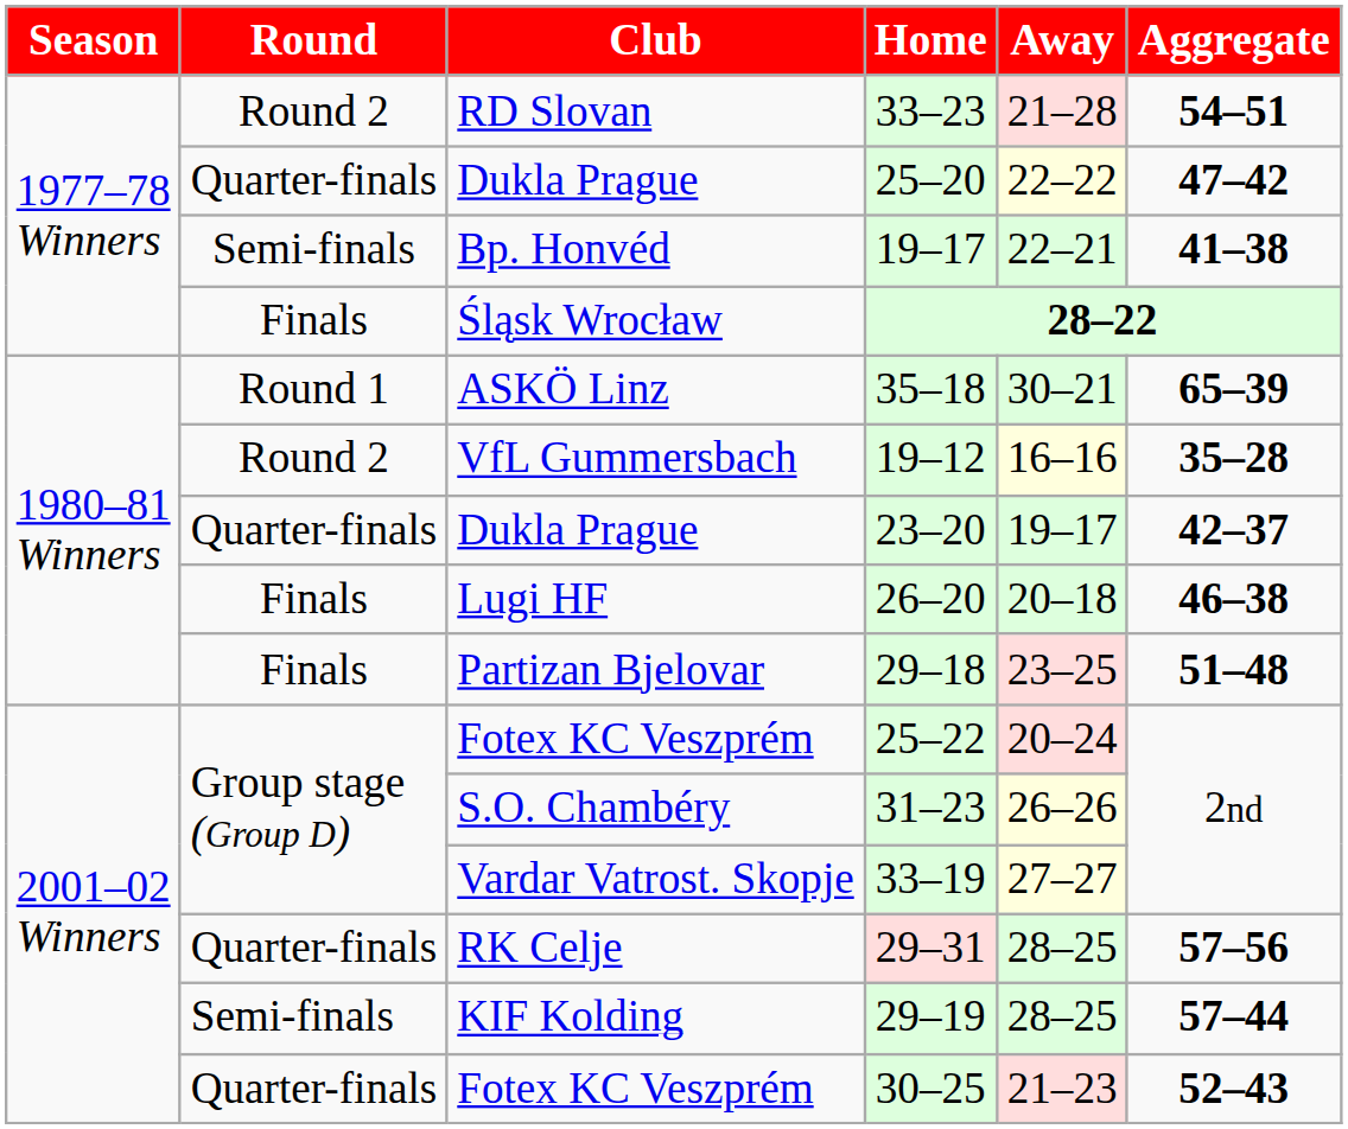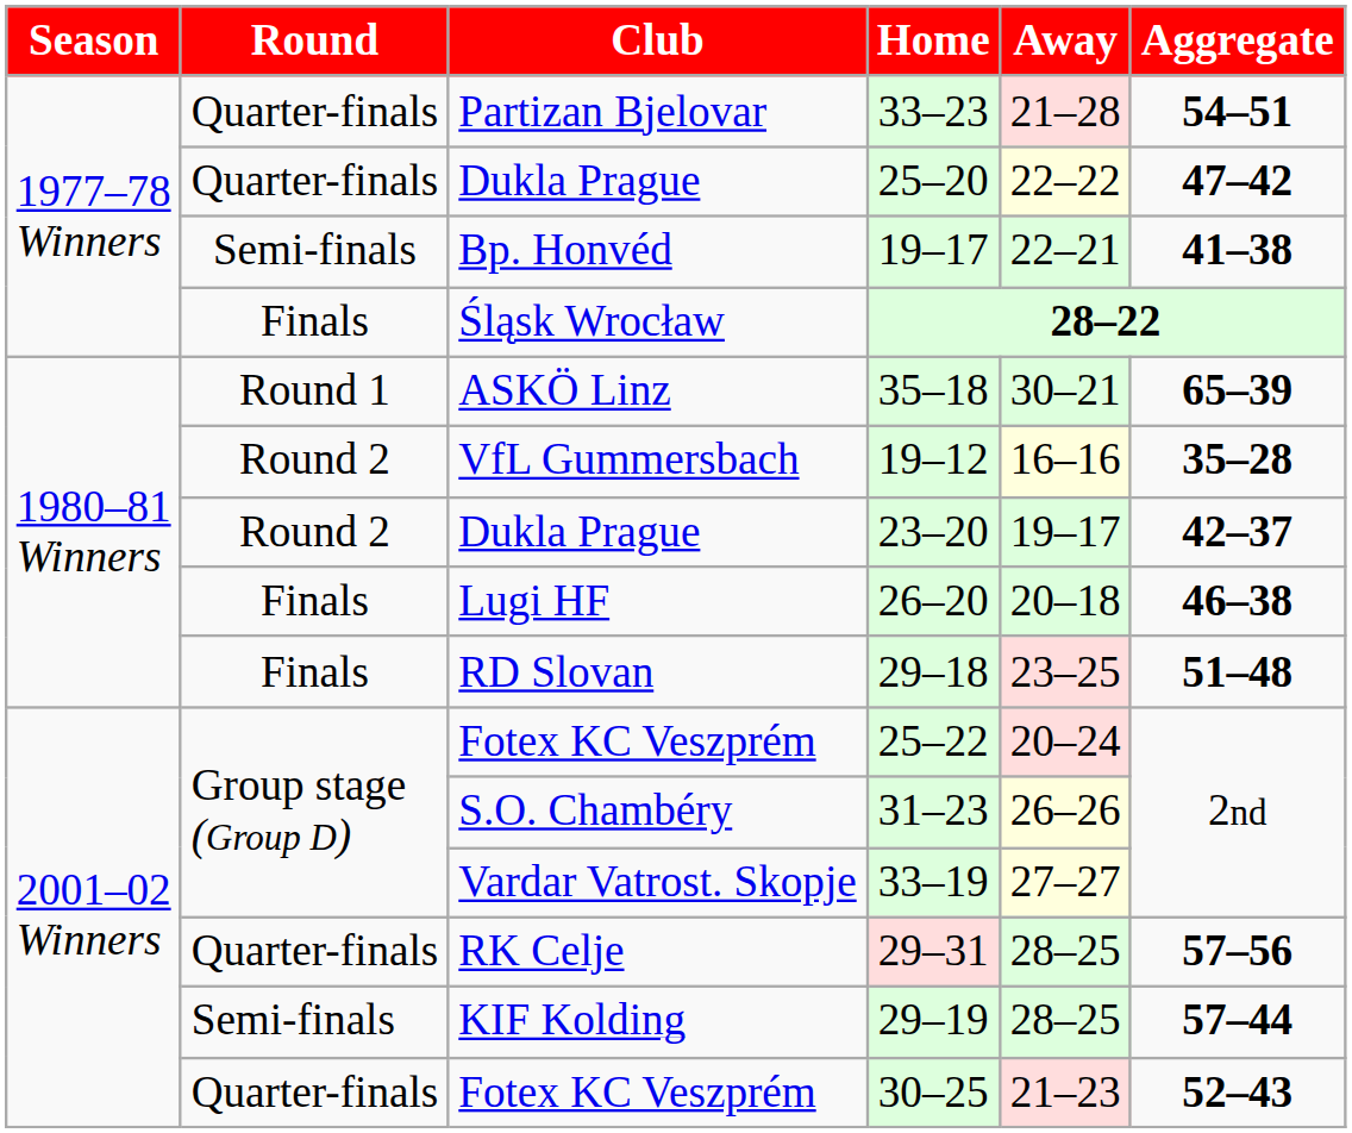 <table class="wikitable">
 <tr>
 <th style="color:#FFFFFF; background:#FF0000">Season</th>
 <th style="color:#FFFFFF; background:#FF0000">Round</th>
 <th style="color:#FFFFFF; background:#FF0000">Club</th>
 <th style="color:#FFFFFF; background:#FF0000">Home</th>
 <th style="color:#FFFFFF; background:#FF0000">Away</th>
 <th style="color:#FFFFFF; background:#FF0000">Aggregate</th>
 </tr>
 <tr>
 <td rowspan=4><a href='#'>1977–78</a><br> <em>Winners</em></td>
-<td align=center>Round 2</td>
-<td> <a href='#'>RD Slovan</a></td>
+<td align=center>Quarter-finals</td>
+<td> <a href='#'>Partizan Bjelovar</a></td>
 <td style="text-align:center; background:#dfd;">33–23</td>
 <td style="text-align:center; background:#fdd;">21–28</td>
 <td style="text-align:center;"><strong>54–51</strong></td>
 </tr>
 <tr>
 <td align=center>Quarter-finals</td>
 <td> <a href='#'>Dukla Prague</a></td>
 <td style="text-align:center; background:#dfd;">25–20</td>
 <td style="text-align:center; background:#ffd;">22–22</td>
 <td style="text-align:center;"><strong>47–42</strong></td>
 </tr>
 <tr>
 <td align=center>Semi-finals</td>
 <td> <a href='#'>Bp. Honvéd</a></td>
 <td style="text-align:center; background:#dfd;">19–17</td>
 <td style="text-align:center; background:#dfd;">22–21</td>
 <td style="text-align:center;"><strong>41–38</strong></td>
 </tr>
 <tr>
 <td align=center>Finals</td>
 <td> <a href='#'>Śląsk Wrocław</a></td>
 <td colspan=3; style="text-align:center; background:#dfd;"><strong>28–22</strong></td>
 </tr>
 <tr>
 <td rowspan=5><a href='#'>1980–81</a><br> <em>Winners</em></td>
 <td align=center>Round 1</td>
 <td> <a href='#'>ASKÖ Linz</a></td>
 <td style="text-align:center; background:#dfd;">35–18</td>
 <td style="text-align:center; background:#dfd;">30–21</td>
 <td style="text-align:center;"><strong>65–39</strong></td>
 </tr>
 <tr>
 <td align=center>Round 2</td>
 <td> <a href='#'>VfL Gummersbach</a></td>
 <td style="text-align:center; background:#dfd;">19–12</td>
 <td style="text-align:center; background:#ffd;">16–16</td>
 <td style="text-align:center;"><strong>35–28</strong></td>
 </tr>
 <tr>
-<td align=center>Quarter-finals</td>
+<td align=center>Round 2</td>
 <td> <a href='#'>Dukla Prague</a></td>
 <td style="text-align:center; background:#dfd;">23–20</td>
 <td style="text-align:center; background:#dfd;">19–17</td>
 <td style="text-align:center;"><strong>42–37</strong></td>
 </tr>
 <tr>
 <td align=center>Finals</td>
 <td> <a href='#'>Lugi HF</a></td>
 <td style="text-align:center; background:#dfd;">26–20</td>
 <td style="text-align:center; background:#dfd;">20–18</td>
 <td style="text-align:center;"><strong>46–38</strong></td>
 </tr>
 <tr>
 <td align=center>Finals</td>
-<td> <a href='#'>Partizan Bjelovar</a></td>
+<td> <a href='#'>RD Slovan</a></td>
 <td style="text-align:center; background:#dfd;">29–18</td>
 <td style="text-align:center; background:#fdd;">23–25</td>
 <td style="text-align:center;"><strong>51–48</strong></td>
 </tr>
 <tr>
 <td rowspan=6><a href='#'>2001–02</a><br> <em>Winners</em></td>
 <td rowspan=3>Group stage<br><em>(<small>Group D</small>)</em></td>
 <td> <a href='#'>Fotex KC Veszprém</a></td>
 <td style="text-align:center; background:#dfd;">25–22</td>
 <td style="text-align:center; background:#fdd;">20–24</td>
 <td align=center rowspan=3>2<small>nd</small></td>
 </tr>
 <tr>
 <td> <a href='#'>S.O. Chambéry</a></td>
 <td style="text-align:center; background:#dfd;">31–23</td>
 <td style="text-align:center; background:#ffd;">26–26</td>
 </tr>
 <tr>
 <td> <a href='#'>Vardar Vatrost. Skopje</a></td>
 <td style="text-align:center; background:#dfd;">33–19</td>
 <td style="text-align:center; background:#ffd;">27–27</td>
 </tr>
 <tr>
 <td>Quarter-finals</td>
 <td> <a href='#'>RK Celje</a></td>
 <td style="text-align:center; background:#fdd;">29–31</td>
 <td style="text-align:center; background:#dfd;">28–25</td>
 <td style="text-align:center;"><strong>57–56</strong></td>
 </tr>
 <tr>
 <td>Semi-finals</td>
 <td> <a href='#'>KIF Kolding</a></td>
 <td style="text-align:center; background:#dfd;">29–19</td>
 <td style="text-align:center; background:#dfd;">28–25</td>
 <td style="text-align:center;"><strong>57–44</strong></td>
 </tr>
 <tr>
 <td>Quarter-finals</td>
 <td> <a href='#'>Fotex KC Veszprém</a></td>
 <td style="text-align:center; background:#dfd;">30–25</td>
 <td style="text-align:center; background:#fdd;">21–23</td>
 <td style="text-align:center;"><strong>52–43</strong></td>
 </tr>
 </table>
